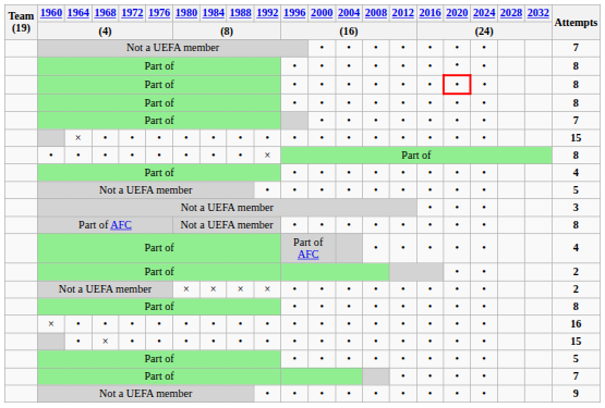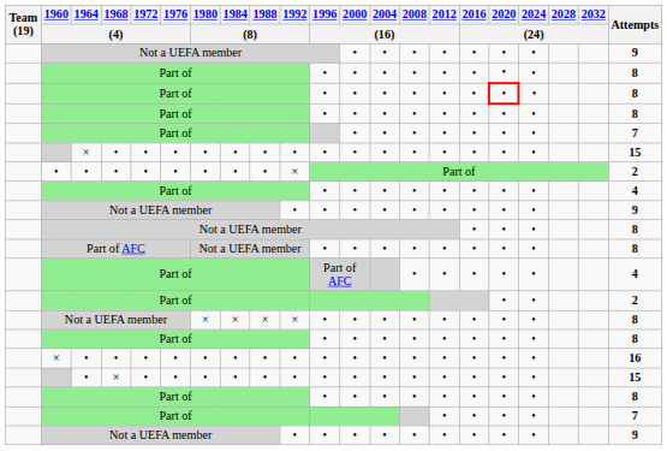 <table class="wikitable sortable" style="text-align: center">
 <tr>
 <th rowspan=2>Team (19)</th>
 <th class=unsortable><a href='#'>1960</a></th>
 <th class=unsortable><a href='#'>1964</a></th>
 <th class=unsortable><a href='#'>1968</a></th>
 <th class=unsortable><a href='#'>1972</a></th>
 <th class=unsortable><a href='#'>1976</a></th>
 <th class=unsortable><a href='#'>1980</a></th>
 <th class=unsortable><a href='#'>1984</a></th>
 <th class=unsortable><a href='#'>1988</a></th>
 <th class=unsortable><a href='#'>1992</a></th>
 <th class=unsortable><a href='#'>1996</a></th>
 <th class=unsortable><a href='#'>2000</a></th>
 <th class=unsortable><a href='#'>2004</a></th>
 <th class=unsortable><a href='#'>2008</a></th>
 <th class=unsortable><a href='#'>2012</a></th>
 <th class=unsortable><a href='#'>2016</a></th>
 <th class=unsortable><a href='#'>2020</a></th>
 <th class=unsortable><a href='#'>2024</a></th>
 <th class=unsortable><a href='#'>2028</a></th>
 <th class=unsortable><a href='#'>2032</a></th>
 <th rowspan=2>Attempts</th>
 </tr>
 <tr>
 <th colspan=5>(4)</th>
 <th colspan=4>(8)</th>
 <th colspan=5>(16)</th>
 <th colspan=5>(24)</th>
 </tr>
 <tr>
 <td align=left></td>
 <td bgcolor=lightgrey colspan=10>Not a UEFA member</td>
 <td>•</td>
 <td>•</td>
 <td>•</td>
 <td>•</td>
 <td>•</td>
 <td>•</td>
 <td>•</td>
 <td></td>
 <td></td>
-<td><strong>7</strong></td>
+<td><strong>9</strong></td>
 </tr>
 <tr>
 <td align=left></td>
 <td bgcolor=lightgreen colspan=9>Part of </td>
 <td>•</td>
 <td>•</td>
 <td>•</td>
 <td>•</td>
 <td>•</td>
 <td>•</td>
 <td>•</td>
 <td>•</td>
 <td></td>
 <td></td>
 <td><strong>8</strong></td>
 </tr>
 <tr>
 <td align=left></td>
 <td bgcolor=lightgreen colspan=9>Part of </td>
 <td>•</td>
 <td>•</td>
 <td>•</td>
 <td>•</td>
 <td>•</td>
 <td>•</td>
 <td style="border:3px solid red">•</td>
 <td>•</td>
 <td></td>
 <td></td>
 <td><strong>8</strong></td>
 </tr>
 <tr>
 <td align=left></td>
 <td bgcolor=lightgreen colspan=9>Part of </td>
 <td>•</td>
 <td>•</td>
 <td>•</td>
 <td>•</td>
 <td>•</td>
 <td>•</td>
 <td>•</td>
 <td>•</td>
 <td></td>
 <td></td>
 <td><strong>8</strong></td>
 </tr>
 <tr>
 <td align=left></td>
 <td bgcolor=lightgreen colspan=9>Part of </td>
 <td bgcolor= lightgrey></td>
 <td>•</td>
 <td>•</td>
 <td>•</td>
 <td>•</td>
 <td>•</td>
 <td>•</td>
 <td>•</td>
 <td></td>
 <td></td>
 <td><strong>7</strong></td>
 </tr>
 <tr>
 <td align=left></td>
 <td bgcolor=lightgrey></td>
 <td>×</td>
 <td>•</td>
 <td>•</td>
 <td>•</td>
 <td>•</td>
 <td>•</td>
 <td>•</td>
 <td>•</td>
 <td>•</td>
 <td>•</td>
 <td>•</td>
 <td>•</td>
 <td>•</td>
 <td>•</td>
 <td>•</td>
 <td>•</td>
 <td></td>
 <td></td>
 <td><strong>15</strong></td>
 </tr>
 <tr>
 <td align=left></td>
 <td>•</td>
 <td>•</td>
 <td>•</td>
 <td>•</td>
 <td>•</td>
 <td>•</td>
 <td>•</td>
 <td>•</td>
 <td>×</td>
 <td bgcolor=lightgreen colspan=10>Part of </td>
-<td><strong>8</strong></td>
+<td><strong>2</strong></td>
 </tr>
 <tr>
 <td align=left></td>
 <td bgcolor=lightgreen colspan=9>Part of </td>
 <td>•</td>
 <td>•</td>
 <td>•</td>
 <td>•</td>
 <td>•</td>
 <td>•</td>
 <td>•</td>
 <td>•</td>
 <td></td>
 <td></td>
 <td><strong>4</strong></td>
 </tr>
 <tr>
 <td align=left></td>
 <td bgcolor=lightgrey colspan=8>Not a UEFA member</td>
 <td>•</td>
 <td>•</td>
 <td>•</td>
 <td>•</td>
 <td>•</td>
 <td>•</td>
 <td>•</td>
 <td>•</td>
 <td>•</td>
 <td></td>
 <td></td>
-<td><strong>5</strong></td>
+<td><strong>9</strong></td>
 </tr>
 <tr>
 <td align=left></td>
 <td bgcolor=lightgrey colspan=14>Not a UEFA member</td>
 <td>•</td>
 <td>•</td>
 <td>•</td>
 <td></td>
 <td></td>
-<td><strong>3</strong></td>
+<td><strong>8</strong></td>
 </tr>
 <tr>
 <td align=left></td>
 <td bgcolor=lightgrey colspan=5>Part of <a href='#'>AFC</a></td>
 <td bgcolor=lightgrey colspan=4>Not a UEFA member</td>
 <td>•</td>
 <td>•</td>
 <td>•</td>
 <td>•</td>
 <td>•</td>
 <td>•</td>
 <td>•</td>
 <td>•</td>
 <td></td>
 <td></td>
 <td><strong>8</strong></td>
 </tr>
 <tr>
 <td align=left></td>
 <td bgcolor=lightgreen colspan=9>Part of </td>
 <td bgcolor=lightgrey colspan=2>Part of <a href='#'>AFC</a></td>
 <td bgcolor=lightgrey></td>
 <td>•</td>
 <td>•</td>
 <td>•</td>
 <td>•</td>
 <td>•</td>
 <td></td>
 <td></td>
 <td><strong>4</strong></td>
 </tr>
 <tr>
 <td align=left></td>
 <td bgcolor=lightgreen colspan=9>Part of </td>
 <td bgcolor=lightgreen colspan=4></td>
 <td bgcolor=lightgrey colspan=2></td>
 <td>•</td>
 <td>•</td>
 <td></td>
 <td></td>
 <td><strong>2</strong></td>
 </tr>
 <tr>
 <td align=left></td>
 <td bgcolor=lightgrey colspan=5>Not a UEFA member</td>
 <td>×</td>
 <td>×</td>
 <td>×</td>
 <td>×</td>
 <td>•</td>
 <td>•</td>
 <td>•</td>
 <td>•</td>
 <td>•</td>
 <td>•</td>
 <td>•</td>
 <td>•</td>
 <td></td>
 <td></td>
-<td><strong>2</strong></td>
+<td><strong>8</strong></td>
 </tr>
 <tr>
 <td align=left></td>
 <td bgcolor=lightgreen colspan=9>Part of </td>
 <td>•</td>
 <td>•</td>
 <td>•</td>
 <td>•</td>
 <td>•</td>
 <td>•</td>
 <td>•</td>
 <td>•</td>
 <td></td>
 <td></td>
 <td><strong>8</strong></td>
 </tr>
 <tr>
 <td align=left></td>
 <td>×</td>
 <td>•</td>
 <td>•</td>
 <td>•</td>
 <td>•</td>
 <td>•</td>
 <td>•</td>
 <td>•</td>
 <td>•</td>
 <td>•</td>
 <td>•</td>
 <td>•</td>
 <td>•</td>
 <td>•</td>
 <td>•</td>
 <td>•</td>
 <td>•</td>
 <td></td>
 <td></td>
 <td><strong>16</strong></td>
 </tr>
 <tr>
 <td align=left></td>
 <td bgcolor=lightgrey></td>
 <td>•</td>
 <td>×</td>
 <td>•</td>
 <td>•</td>
 <td>•</td>
 <td>•</td>
 <td>•</td>
 <td>•</td>
 <td>•</td>
 <td>•</td>
 <td>•</td>
 <td>•</td>
 <td>•</td>
 <td>•</td>
 <td>•</td>
 <td>•</td>
 <td></td>
 <td></td>
 <td><strong>15</strong></td>
 </tr>
 <tr>
 <td align=left></td>
 <td bgcolor=lightgreen colspan=9>Part of </td>
 <td>•</td>
 <td>•</td>
 <td>•</td>
 <td>•</td>
 <td>•</td>
 <td>•</td>
 <td>•</td>
 <td>•</td>
 <td></td>
 <td></td>
-<td><strong>5</strong></td>
+<td><strong>8</strong></td>
 </tr>
 <tr>
 <td align=left></td>
 <td bgcolor=lightgreen colspan=9>Part of </td>
 <td bgcolor=lightgreen colspan=3></td>
 <td bgcolor=lightgrey></td>
 <td>•</td>
 <td>•</td>
 <td>•</td>
 <td>•</td>
 <td></td>
 <td></td>
 <td><strong>7</strong></td>
 </tr>
 <tr>
 <td align=left></td>
 <td bgcolor=lightgrey colspan=8>Not a UEFA member</td>
 <td>•</td>
 <td>•</td>
 <td>•</td>
 <td>•</td>
 <td>•</td>
 <td>•</td>
 <td>•</td>
 <td>•</td>
 <td>•</td>
 <td></td>
 <td></td>
 <td><strong>9</strong></td>
 </tr>
 </table>
